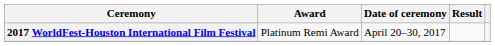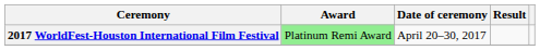 <table class="wikitable plainrowheaders sortable" style="font-size: 90%;">
 <tr>
 <th scope="col">Ceremony</th>
 <th scope="col">Award</th>
 <th scope="col">Date of ceremony</th>
 <th scope="col">Result</th>
 <th scope="col" class="unsortable"></th>
 </tr>
 <tr>
 <th scope="row" rowspan="1">2017 <a href='#'>WorldFest-Houston International Film Festival</a></th>
-<td>Platinum Remi Award</td>
+<td style="background: lightgreen;">Platinum Remi Award</td>
 <td rowspan="1">April 20–30, 2017</td>
 <td></td>
 <td rowspan="1" style="text-align:center;"></td>
 </tr>
 <tr>
 </tr>
 </table>
